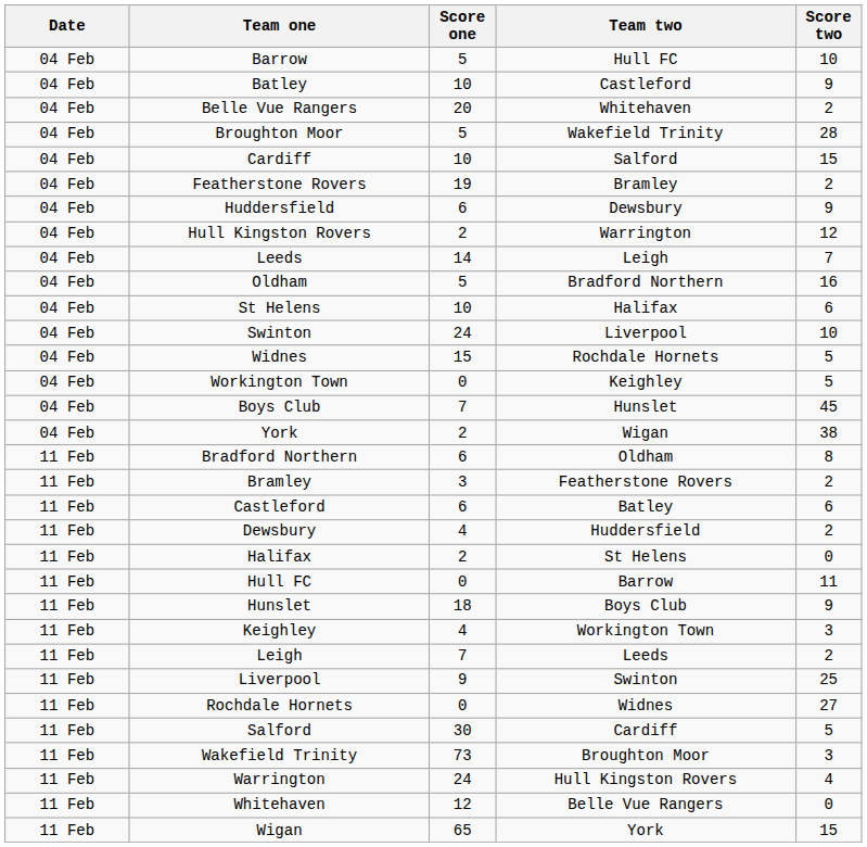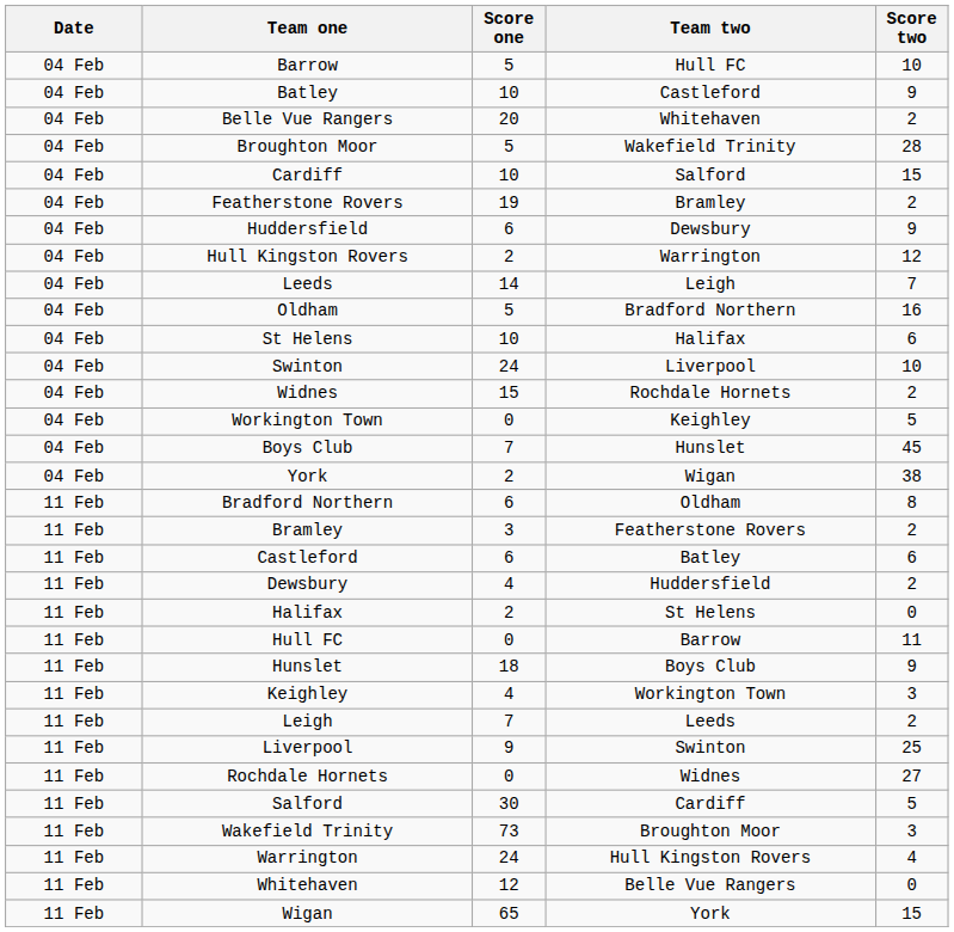 <table class="wikitable" style="text-align: center">
 <tr>
 <th width=100>Date</th>
 <th width=250>Team one</th>
 <th width=50>Score one</th>
 <th width=250>Team two</th>
 <th width=50>Score two</th>
 </tr>
 <tr>
 <td>04 Feb</td>
 <td>Barrow</td>
 <td>5</td>
 <td>Hull FC</td>
 <td>10</td>
 </tr>
 <tr>
 <td>04 Feb</td>
 <td>Batley</td>
 <td>10</td>
 <td>Castleford</td>
 <td>9</td>
 </tr>
 <tr>
 <td>04 Feb</td>
 <td>Belle Vue Rangers</td>
 <td>20</td>
 <td>Whitehaven</td>
 <td>2</td>
 </tr>
 <tr>
 <td>04 Feb</td>
 <td>Broughton Moor</td>
 <td>5</td>
 <td>Wakefield Trinity</td>
 <td>28</td>
 </tr>
 <tr>
 <td>04 Feb</td>
 <td>Cardiff</td>
 <td>10</td>
 <td>Salford</td>
 <td>15</td>
 </tr>
 <tr>
 <td>04 Feb</td>
 <td>Featherstone Rovers</td>
 <td>19</td>
 <td>Bramley</td>
 <td>2</td>
 </tr>
 <tr>
 <td>04 Feb</td>
 <td>Huddersfield</td>
 <td>6</td>
 <td>Dewsbury</td>
 <td>9</td>
 </tr>
 <tr>
 <td>04 Feb</td>
 <td>Hull Kingston Rovers</td>
 <td>2</td>
 <td>Warrington</td>
 <td>12</td>
 </tr>
 <tr>
 <td>04 Feb</td>
 <td>Leeds</td>
 <td>14</td>
 <td>Leigh</td>
 <td>7</td>
 </tr>
 <tr>
 <td>04 Feb</td>
 <td>Oldham</td>
 <td>5</td>
 <td>Bradford Northern</td>
 <td>16</td>
 </tr>
 <tr>
 <td>04 Feb</td>
 <td>St Helens</td>
 <td>10</td>
 <td>Halifax</td>
 <td>6</td>
 </tr>
 <tr>
 <td>04 Feb</td>
 <td>Swinton</td>
 <td>24</td>
 <td>Liverpool</td>
 <td>10</td>
 </tr>
 <tr>
 <td>04 Feb</td>
 <td>Widnes</td>
 <td>15</td>
 <td>Rochdale Hornets</td>
-<td>5</td>
+<td>2</td>
 </tr>
 <tr>
 <td>04 Feb</td>
 <td>Workington Town</td>
 <td>0</td>
 <td>Keighley</td>
 <td>5</td>
 </tr>
 <tr>
 <td>04 Feb</td>
 <td>Boys Club</td>
 <td>7</td>
 <td>Hunslet</td>
 <td>45</td>
 </tr>
 <tr>
 <td>04 Feb</td>
 <td>York</td>
 <td>2</td>
 <td>Wigan</td>
 <td>38</td>
 </tr>
 <tr>
 <td>11 Feb</td>
 <td>Bradford Northern</td>
 <td>6</td>
 <td>Oldham</td>
 <td>8</td>
 </tr>
 <tr>
 <td>11 Feb</td>
 <td>Bramley</td>
 <td>3</td>
 <td>Featherstone Rovers</td>
 <td>2</td>
 </tr>
 <tr>
 <td>11 Feb</td>
 <td>Castleford</td>
 <td>6</td>
 <td>Batley</td>
 <td>6</td>
 </tr>
 <tr>
 <td>11 Feb</td>
 <td>Dewsbury</td>
 <td>4</td>
 <td>Huddersfield</td>
 <td>2</td>
 </tr>
 <tr>
 <td>11 Feb</td>
 <td>Halifax</td>
 <td>2</td>
 <td>St Helens</td>
 <td>0</td>
 </tr>
 <tr>
 <td>11 Feb</td>
 <td>Hull FC</td>
 <td>0</td>
 <td>Barrow</td>
 <td>11</td>
 </tr>
 <tr>
 <td>11 Feb</td>
 <td>Hunslet</td>
 <td>18</td>
 <td>Boys Club</td>
 <td>9</td>
 </tr>
 <tr>
 <td>11 Feb</td>
 <td>Keighley</td>
 <td>4</td>
 <td>Workington Town</td>
 <td>3</td>
 </tr>
 <tr>
 <td>11 Feb</td>
 <td>Leigh</td>
 <td>7</td>
 <td>Leeds</td>
 <td>2</td>
 </tr>
 <tr>
 <td>11 Feb</td>
 <td>Liverpool</td>
 <td>9</td>
 <td>Swinton</td>
 <td>25</td>
 </tr>
 <tr>
 <td>11 Feb</td>
 <td>Rochdale Hornets</td>
 <td>0</td>
 <td>Widnes</td>
 <td>27</td>
 </tr>
 <tr>
 <td>11 Feb</td>
 <td>Salford</td>
 <td>30</td>
 <td>Cardiff</td>
 <td>5</td>
 </tr>
 <tr>
 <td>11 Feb</td>
 <td>Wakefield Trinity</td>
 <td>73</td>
 <td>Broughton Moor</td>
 <td>3</td>
 </tr>
 <tr>
 <td>11 Feb</td>
 <td>Warrington</td>
 <td>24</td>
 <td>Hull Kingston Rovers</td>
 <td>4</td>
 </tr>
 <tr>
 <td>11 Feb</td>
 <td>Whitehaven</td>
 <td>12</td>
 <td>Belle Vue Rangers</td>
 <td>0</td>
 </tr>
 <tr>
 <td>11 Feb</td>
 <td>Wigan</td>
 <td>65</td>
 <td>York</td>
 <td>15</td>
 </tr>
 </table>
